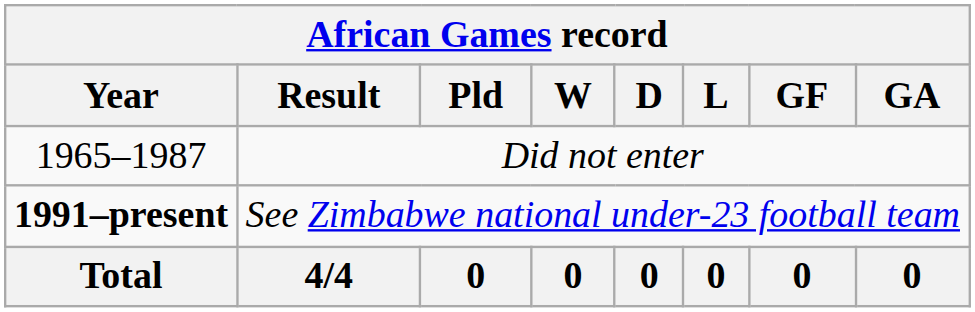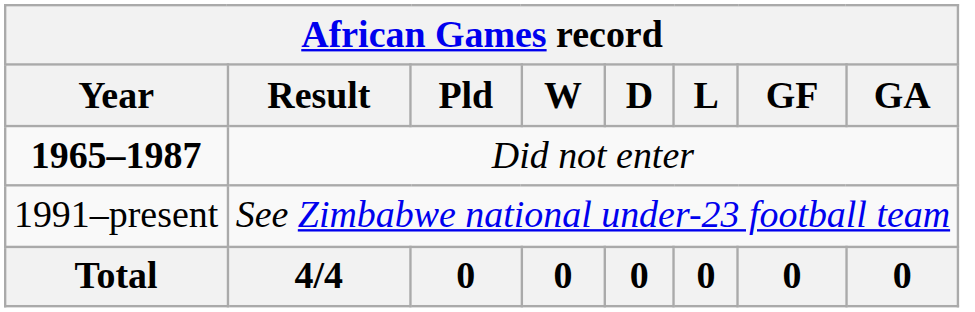 <table class="wikitable" style="text-align: center;">
 <tr>
 <th colspan=9><a href='#'>African Games</a> record</th>
 </tr>
 <tr>
 <th>Year</th>
 <th>Result</th>
 <th>Pld</th>
 <th>W</th>
 <th>D</th>
 <th>L</th>
 <th>GF</th>
 <th>GA</th>
 </tr>
 <tr>
-<td>1965–1987</td>
+<td><strong>1965–1987</strong></td>
 <td colspan=7><em>Did not enter</em></td>
 </tr>
 <tr>
-<td><strong>1991–present</strong></td>
+<td>1991–present</td>
 <td colspan=8><em>See <a href='#'>Zimbabwe national under-23 football team</a></em></td>
 </tr>
 <tr>
 <th><strong>Total</strong></th>
 <th>4/4</th>
 <th>0</th>
 <th>0</th>
 <th>0</th>
 <th>0</th>
 <th>0</th>
 <th>0</th>
 </tr>
 </table>
